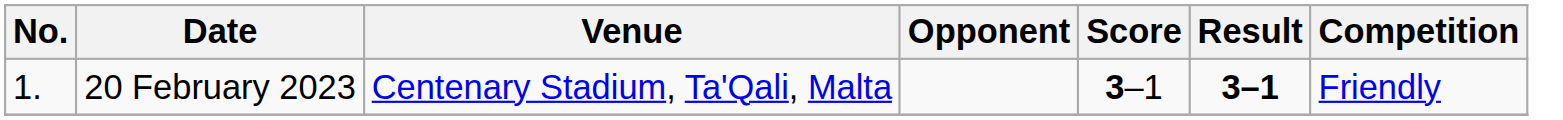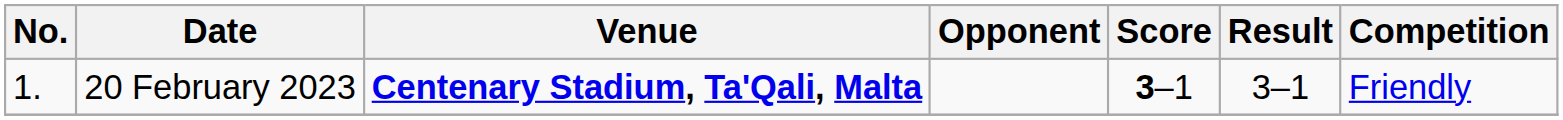 <table class="wikitable">
 <tr>
 <th>No.</th>
 <th>Date</th>
 <th>Venue</th>
 <th>Opponent</th>
 <th>Score</th>
 <th>Result</th>
 <th>Competition</th>
 </tr>
 <tr>
 <td>1.</td>
 <td>20 February 2023</td>
-<td><a href='#'>Centenary Stadium</a>, <a href='#'>Ta'Qali</a>, <a href='#'>Malta</a></td>
+<td><strong><a href='#'>Centenary Stadium</a>, <a href='#'>Ta'Qali</a>, <a href='#'>Malta</a></strong></td>
 <td></td>
 <td align=center><strong>3</strong>–1</td>
-<td align=center><strong>3–1</strong></td>
+<td align=center>3–1</td>
 <td><a href='#'>Friendly</a></td>
 </tr>
 <tr>
 </tr>
 </table>
